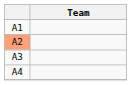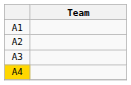 <table class="wikitable" style="display:inline-table;">
 <tr>
 <th width=30></th>
 <th width=130>Team</th>
 </tr>
 <tr>
 <td align=center>A1</td>
 <td></td>
 </tr>
 <tr>
-<td align=center style="background: lightsalmon;">A2</td>
+<td align=center>A2</td>
 <td></td>
 </tr>
 <tr>
 <td align=center>A3</td>
 <td></td>
 </tr>
 <tr>
-<td align=center>A4</td>
+<td align=center style="background: gold;">A4</td>
 <td></td>
 </tr>
 <tr>
 </tr>
 </table>
